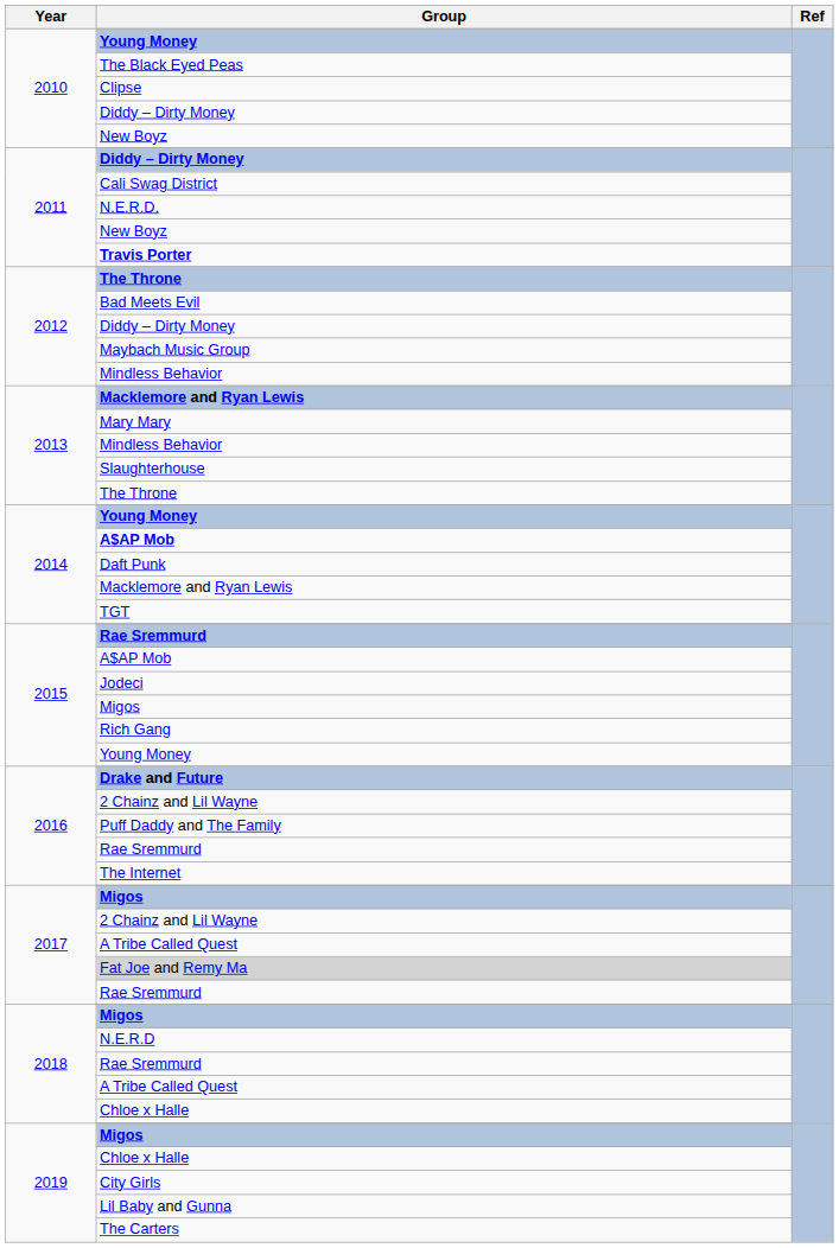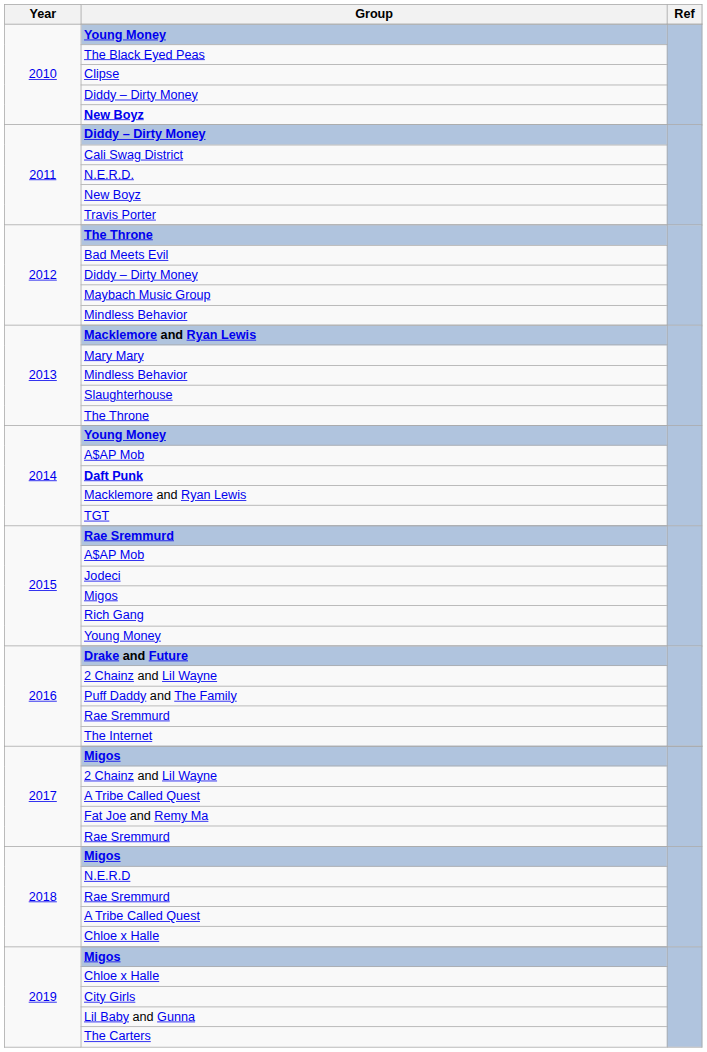 <table class="wikitable" style="width:100%;">
 <tr style="background:#bebebe;">
 <th style="width:11%;">Year</th>
 <th style="width:84%;">Group</th>
 <th style="width:5%;">Ref</th>
 </tr>
 <tr>
 <td rowspan="6" align="center"><a href='#'>2010</a></td>
 </tr>
 <tr style="background:#B0C4DE">
 <td><strong><a href='#'>Young Money</a></strong></td>
 <td rowspan="6" align="center"></td>
 </tr>
 <tr>
 <td><a href='#'>The Black Eyed Peas</a></td>
 </tr>
 <tr>
 <td><a href='#'>Clipse</a></td>
 </tr>
 <tr>
 <td><a href='#'>Diddy – Dirty Money</a></td>
 </tr>
 <tr>
-<td><a href='#'>New Boyz</a></td>
+<td><strong><a href='#'>New Boyz</a></strong></td>
 </tr>
 <tr>
 <td rowspan="6" align="center"><a href='#'>2011</a></td>
 </tr>
 <tr style="background:#B0C4DE">
 <td><strong><a href='#'>Diddy – Dirty Money</a></strong></td>
 <td rowspan="6" align="center"></td>
 </tr>
 <tr>
 <td><a href='#'>Cali Swag District</a></td>
 </tr>
 <tr>
 <td><a href='#'>N.E.R.D.</a></td>
 </tr>
 <tr>
 <td><a href='#'>New Boyz</a></td>
 </tr>
 <tr>
-<td><strong><a href='#'>Travis Porter</a></strong></td>
+<td><a href='#'>Travis Porter</a></td>
 </tr>
 <tr>
 <td rowspan="6" align="center"><a href='#'>2012</a></td>
 </tr>
 <tr style="background:#B0C4DE">
 <td><strong><a href='#'>The Throne</a></strong></td>
 <td rowspan="6" align="center"></td>
 </tr>
 <tr>
 <td><a href='#'>Bad Meets Evil</a></td>
 </tr>
 <tr>
 <td><a href='#'>Diddy – Dirty Money</a></td>
 </tr>
 <tr>
 <td><a href='#'>Maybach Music Group</a></td>
 </tr>
 <tr>
 <td><a href='#'>Mindless Behavior</a></td>
 </tr>
 <tr>
 <td rowspan="6" align="center"><a href='#'>2013</a></td>
 </tr>
 <tr style="background:#B0C4DE">
 <td><strong><a href='#'>Macklemore</a> and <a href='#'>Ryan Lewis</a></strong></td>
 <td rowspan="6" align="center"></td>
 </tr>
 <tr>
 <td><a href='#'>Mary Mary</a></td>
 </tr>
 <tr>
 <td><a href='#'>Mindless Behavior</a></td>
 </tr>
 <tr>
 <td><a href='#'>Slaughterhouse</a></td>
 </tr>
 <tr>
 <td><a href='#'>The Throne</a></td>
 </tr>
 <tr>
 <td rowspan="6" align="center"><a href='#'>2014</a></td>
 </tr>
 <tr style="background:#B0C4DE">
 <td><strong><a href='#'>Young Money</a></strong></td>
 <td rowspan="6" align="center"></td>
 </tr>
 <tr>
-<td><strong><a href='#'>A$AP Mob</a></strong></td>
+<td><a href='#'>A$AP Mob</a></td>
 </tr>
 <tr>
-<td><a href='#'>Daft Punk</a></td>
+<td><strong><a href='#'>Daft Punk</a></strong></td>
 </tr>
 <tr>
 <td><a href='#'>Macklemore</a> and <a href='#'>Ryan Lewis</a></td>
 </tr>
 <tr>
 <td><a href='#'>TGT</a></td>
 </tr>
 <tr>
 <td rowspan="7" align="center"><a href='#'>2015</a></td>
 </tr>
 <tr style="background:#B0C4DE">
 <td><strong><a href='#'>Rae Sremmurd</a></strong></td>
 <td rowspan="7" align="center"></td>
 </tr>
 <tr>
 <td><a href='#'>A$AP Mob</a></td>
 </tr>
 <tr>
 <td><a href='#'>Jodeci</a></td>
 </tr>
 <tr>
 <td><a href='#'>Migos</a></td>
 </tr>
 <tr>
 <td><a href='#'>Rich Gang</a></td>
 </tr>
 <tr>
 <td><a href='#'>Young Money</a></td>
 </tr>
 <tr>
 <td rowspan="6" align="center"><a href='#'>2016</a></td>
 </tr>
 <tr style="background:#B0C4DE">
 <td><strong><a href='#'>Drake</a> and <a href='#'>Future</a></strong></td>
 <td rowspan="5" align="center"></td>
 </tr>
 <tr>
 <td><a href='#'>2 Chainz</a> and <a href='#'>Lil Wayne</a></td>
 </tr>
 <tr>
 <td><a href='#'>Puff Daddy</a> and <a href='#'>The Family</a></td>
 </tr>
 <tr>
 <td><a href='#'>Rae Sremmurd</a></td>
 </tr>
 <tr>
 <td><a href='#'>The Internet</a></td>
 </tr>
 <tr>
 <td rowspan="6" align="center"><a href='#'>2017</a></td>
 </tr>
 <tr style="background:#B0C4DE">
 <td><strong><a href='#'>Migos</a></strong></td>
 <td rowspan="6" align="center"></td>
 </tr>
 <tr>
 <td><a href='#'>2 Chainz</a> and <a href='#'>Lil Wayne</a></td>
 </tr>
 <tr>
 <td><a href='#'>A Tribe Called Quest</a></td>
 </tr>
 <tr>
-<td style="background: lightgrey;"><a href='#'>Fat Joe</a> and <a href='#'>Remy Ma</a></td>
+<td><a href='#'>Fat Joe</a> and <a href='#'>Remy Ma</a></td>
 </tr>
 <tr>
 <td><a href='#'>Rae Sremmurd</a></td>
 </tr>
 <tr>
 <td rowspan="6" align="center"><a href='#'>2018</a></td>
 </tr>
 <tr style="background:#B0C4DE">
 <td><strong><a href='#'>Migos</a></strong></td>
 <td rowspan="6" align="center"></td>
 </tr>
 <tr>
 <td><a href='#'>N.E.R.D</a></td>
 </tr>
 <tr>
 <td><a href='#'>Rae Sremmurd</a></td>
 </tr>
 <tr>
 <td><a href='#'>A Tribe Called Quest</a></td>
 </tr>
 <tr>
 <td><a href='#'>Chloe x Halle</a></td>
 </tr>
 <tr>
 <td rowspan="6" align="center"><a href='#'>2019</a></td>
 </tr>
 <tr style="background:#B0C4DE">
 <td><strong><a href='#'>Migos</a></strong></td>
 <td rowspan="6" align="center"></td>
 </tr>
 <tr>
 <td><a href='#'>Chloe x Halle</a></td>
 </tr>
 <tr>
 <td><a href='#'>City Girls</a></td>
 </tr>
 <tr>
 <td><a href='#'>Lil Baby</a> and <a href='#'>Gunna</a></td>
 </tr>
 <tr>
 <td><a href='#'>The Carters</a></td>
 </tr>
 </table>
